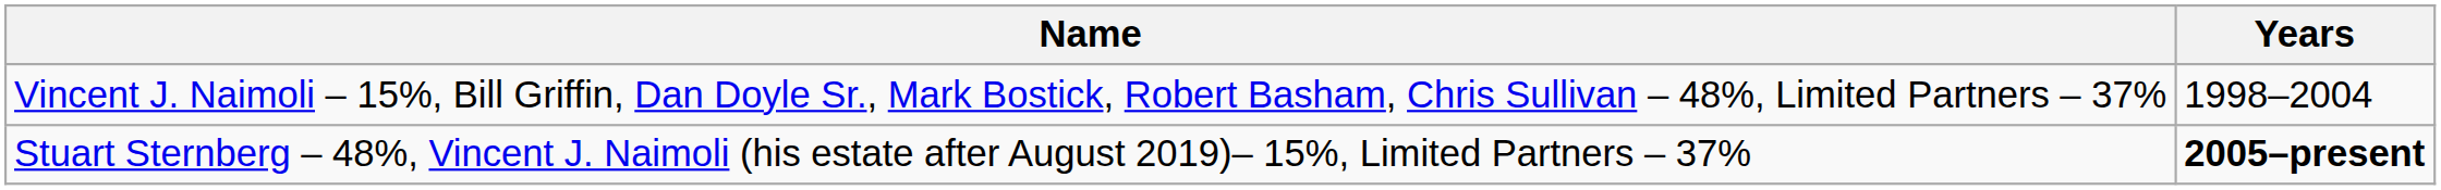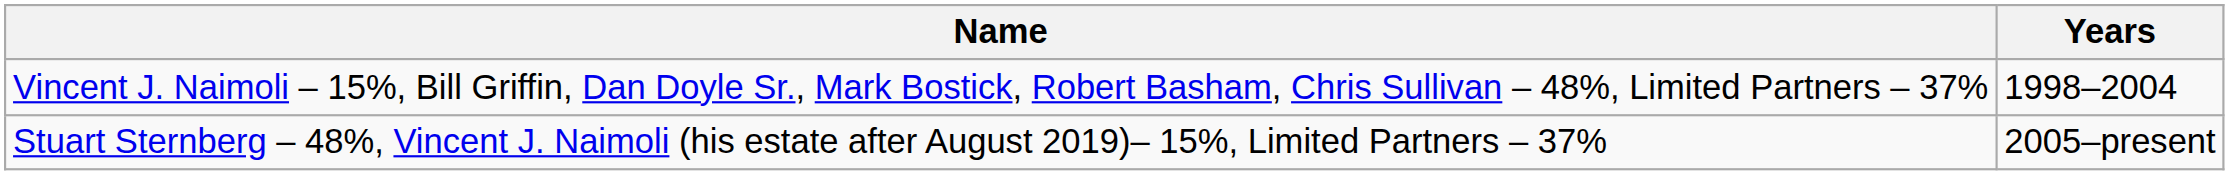 <table class="wikitable">
 <tr>
 <th>Name</th>
 <th>Years</th>
 </tr>
 <tr>
 <td><a href='#'>Vincent J. Naimoli</a> – 15%, Bill Griffin, <a href='#'>Dan Doyle Sr.</a>, <a href='#'>Mark Bostick</a>, <a href='#'>Robert Basham</a>, <a href='#'>Chris Sullivan</a> – 48%, Limited Partners – 37%</td>
 <td>1998–2004</td>
 </tr>
 <tr>
 <td><a href='#'>Stuart Sternberg</a> – 48%, <a href='#'>Vincent J. Naimoli</a> (his estate after August 2019)– 15%, Limited Partners – 37%</td>
-<td><strong>2005–present</strong></td>
+<td>2005–present</td>
 </tr>
 </table>
